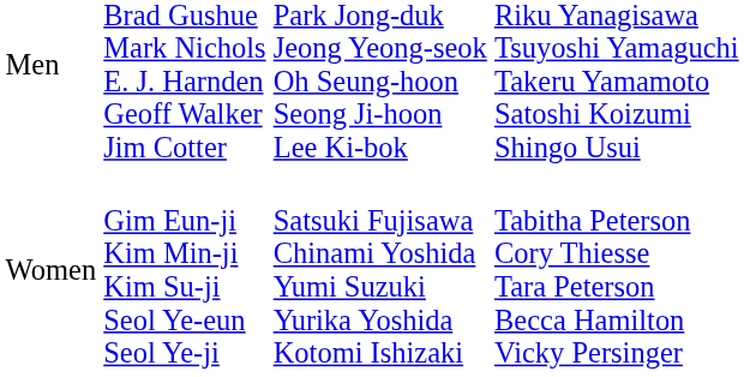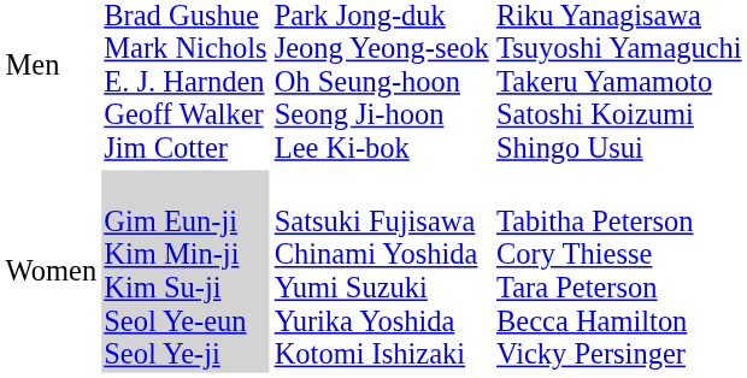 <table>
 <tr>
 <td>Men</td>
 <td><strong></strong><br><a href='#'>Brad Gushue</a><br><a href='#'>Mark Nichols</a><br><a href='#'>E. J. Harnden</a><br><a href='#'>Geoff Walker</a><br><a href='#'>Jim Cotter</a></td>
 <td><strong></strong><br><a href='#'>Park Jong-duk</a><br><a href='#'>Jeong Yeong-seok</a><br><a href='#'>Oh Seung-hoon</a><br><a href='#'>Seong Ji-hoon</a><br><a href='#'>Lee Ki-bok</a></td>
 <td><strong></strong><br><a href='#'>Riku Yanagisawa</a><br><a href='#'>Tsuyoshi Yamaguchi</a><br><a href='#'>Takeru Yamamoto</a><br><a href='#'>Satoshi Koizumi</a><br><a href='#'>Shingo Usui</a></td>
 </tr>
 <tr>
 <td>Women</td>
-<td><strong></strong><br><a href='#'>Gim Eun-ji</a><br><a href='#'>Kim Min-ji</a><br><a href='#'>Kim Su-ji</a><br><a href='#'>Seol Ye-eun</a><br><a href='#'>Seol Ye-ji</a></td>
+<td style="background: lightgrey;"><strong></strong><br><a href='#'>Gim Eun-ji</a><br><a href='#'>Kim Min-ji</a><br><a href='#'>Kim Su-ji</a><br><a href='#'>Seol Ye-eun</a><br><a href='#'>Seol Ye-ji</a></td>
 <td><strong></strong><br><a href='#'>Satsuki Fujisawa</a><br><a href='#'>Chinami Yoshida</a><br><a href='#'>Yumi Suzuki</a><br><a href='#'>Yurika Yoshida</a><br><a href='#'>Kotomi Ishizaki</a></td>
 <td><strong></strong><br><a href='#'>Tabitha Peterson</a><br><a href='#'>Cory Thiesse</a><br><a href='#'>Tara Peterson</a><br><a href='#'>Becca Hamilton</a><br><a href='#'>Vicky Persinger</a></td>
 </tr>
 </table>
